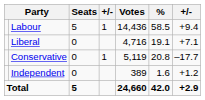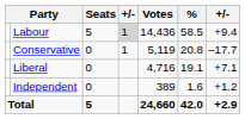 <table class="wikitable sortable">
 <tr>
 <th colspan="2">Party</th>
 <th>Seats</th>
 <th>+/-</th>
 <th>Votes</th>
 <th>%</th>
 <th>+/-</th>
 </tr>
 <tr>
 <td style="background-color: "></td>
 <td><a href='#'>Labour</a></td>
 <td>5</td>
-<td> 1</td>
+<td style="background: lightgrey;"> 1</td>
 <td style="text-align:right;">14,436</td>
 <td style="text-align:right;">58.5</td>
 <td style="text-align:right;">+9.4</td>
+</tr>
+<tr>
+<td style="background-color: "></td>
+<td><a href='#'>Conservative</a></td>
+<td>0</td>
+<td> 1</td>
+<td style="text-align:right;">5,119</td>
+<td style="text-align:right;">20.8</td>
+<td style="text-align:right;">–17.7</td>
 </tr>
 <tr>
 <td style="background-color: "></td>
 <td><a href='#'>Liberal</a></td>
 <td>0</td>
 <td></td>
 <td style="text-align:right;">4,716</td>
 <td style="text-align:right;">19.1</td>
 <td style="text-align:right;">+7.1</td>
-</tr>
-<tr>
-<td style="background-color: "></td>
-<td><a href='#'>Conservative</a></td>
-<td>0</td>
-<td> 1</td>
-<td style="text-align:right;">5,119</td>
-<td style="text-align:right;">20.8</td>
-<td style="text-align:right;">–17.7</td>
 </tr>
 <tr>
 <td style="background-color: "></td>
 <td><a href='#'>Independent</a></td>
 <td>0</td>
 <td></td>
 <td style="text-align:right;">389</td>
 <td style="text-align:right;">1.6</td>
 <td style="text-align:right;">+1.2</td>
 </tr>
 <tr>
 <td colspan="2"><strong>Total</strong></td>
 <td><strong>5</strong></td>
 <td></td>
 <td style="text-align:right;"><strong>24,660</strong></td>
 <td style="text-align:right;"><strong>42.0</strong></td>
 <td style="text-align:right;"><strong>+2.9</strong></td>
 </tr>
 </table>
